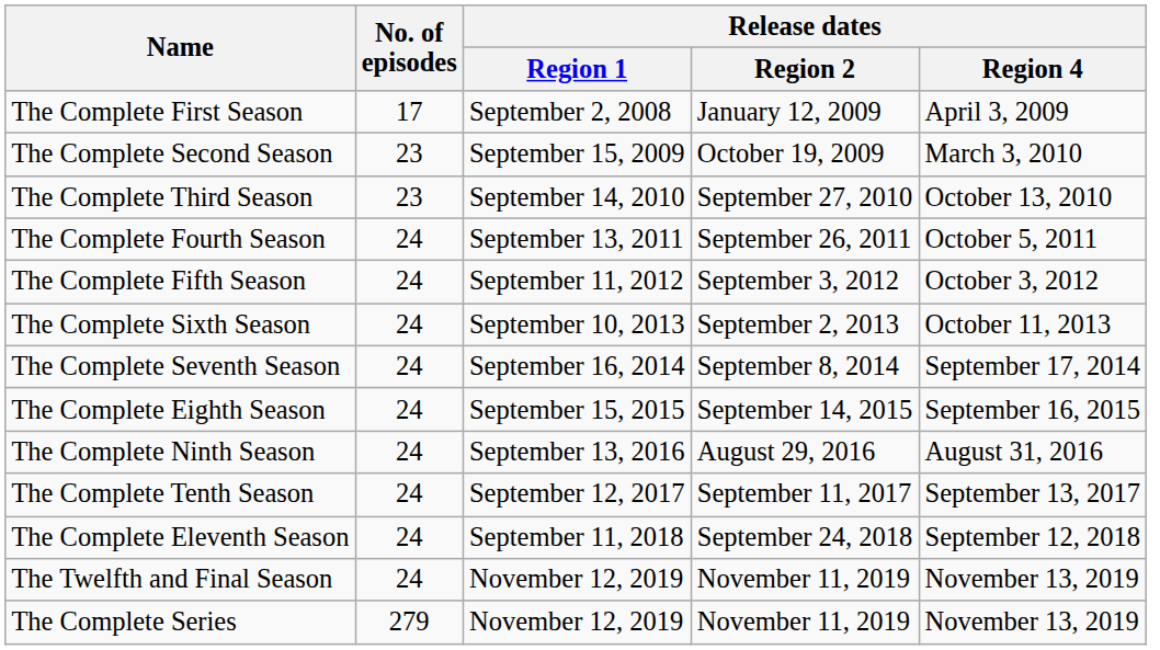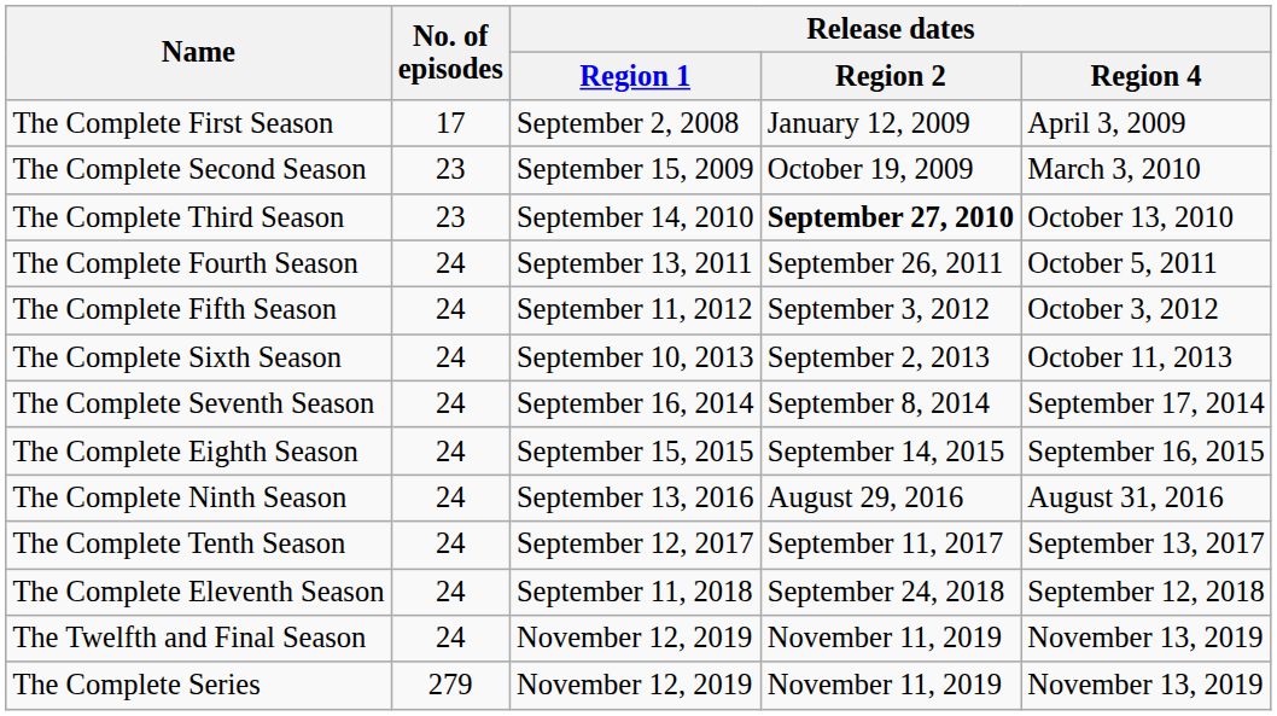 <table class="wikitable">
 <tr>
 <th scope="col" rowspan="2">Name</th>
 <th scope="col" rowspan="2">No. of<br>episodes</th>
 <th scope="col" colspan="3">Release dates</th>
 </tr>
 <tr>
 <th scope="col"><a href='#'>Region 1</a></th>
 <th scope="col">Region 2</th>
 <th scope="col">Region 4</th>
 </tr>
 <tr>
 <td>The Complete First Season</td>
 <td style="text-align:center;">17</td>
 <td>September 2, 2008</td>
 <td>January 12, 2009</td>
 <td>April 3, 2009</td>
 </tr>
 <tr>
 <td>The Complete Second Season</td>
 <td style="text-align:center;">23</td>
 <td>September 15, 2009</td>
 <td>October 19, 2009</td>
 <td>March 3, 2010</td>
 </tr>
 <tr>
 <td>The Complete Third Season</td>
 <td style="text-align:center;">23</td>
 <td>September 14, 2010</td>
-<td>September 27, 2010</td>
+<td><strong>September 27, 2010</strong></td>
 <td>October 13, 2010</td>
 </tr>
 <tr>
 <td>The Complete Fourth Season</td>
 <td style="text-align:center;">24</td>
 <td>September 13, 2011</td>
 <td>September 26, 2011</td>
 <td>October 5, 2011</td>
 </tr>
 <tr>
 <td>The Complete Fifth Season</td>
 <td style="text-align:center;">24</td>
 <td>September 11, 2012</td>
 <td>September 3, 2012</td>
 <td>October 3, 2012</td>
 </tr>
 <tr>
 <td>The Complete Sixth Season</td>
 <td style="text-align:center;">24</td>
 <td>September 10, 2013</td>
 <td>September 2, 2013</td>
 <td>October 11, 2013</td>
 </tr>
 <tr>
 <td>The Complete Seventh Season</td>
 <td style="text-align:center;">24</td>
 <td>September 16, 2014</td>
 <td>September 8, 2014</td>
 <td>September 17, 2014</td>
 </tr>
 <tr>
 <td>The Complete Eighth Season</td>
 <td style="text-align:center;">24</td>
 <td>September 15, 2015</td>
 <td>September 14, 2015</td>
 <td>September 16, 2015</td>
 </tr>
 <tr>
 <td>The Complete Ninth Season</td>
 <td style="text-align:center;">24</td>
 <td>September 13, 2016</td>
 <td>August 29, 2016</td>
 <td>August 31, 2016</td>
 </tr>
 <tr>
 <td>The Complete Tenth Season</td>
 <td style="text-align:center;">24</td>
 <td>September 12, 2017</td>
 <td>September 11, 2017</td>
 <td>September 13, 2017</td>
 </tr>
 <tr>
 <td>The Complete Eleventh Season</td>
 <td style="text-align:center;">24</td>
 <td>September 11, 2018</td>
 <td>September 24, 2018</td>
 <td>September 12, 2018</td>
 </tr>
 <tr>
 <td>The Twelfth and Final Season</td>
 <td style="text-align:center;">24</td>
 <td>November 12, 2019</td>
 <td>November 11, 2019</td>
 <td>November 13, 2019</td>
 </tr>
 <tr>
 <td>The Complete Series</td>
 <td style="text-align:center;">279</td>
 <td>November 12, 2019</td>
 <td>November 11, 2019</td>
 <td>November 13, 2019</td>
 </tr>
 </table>
